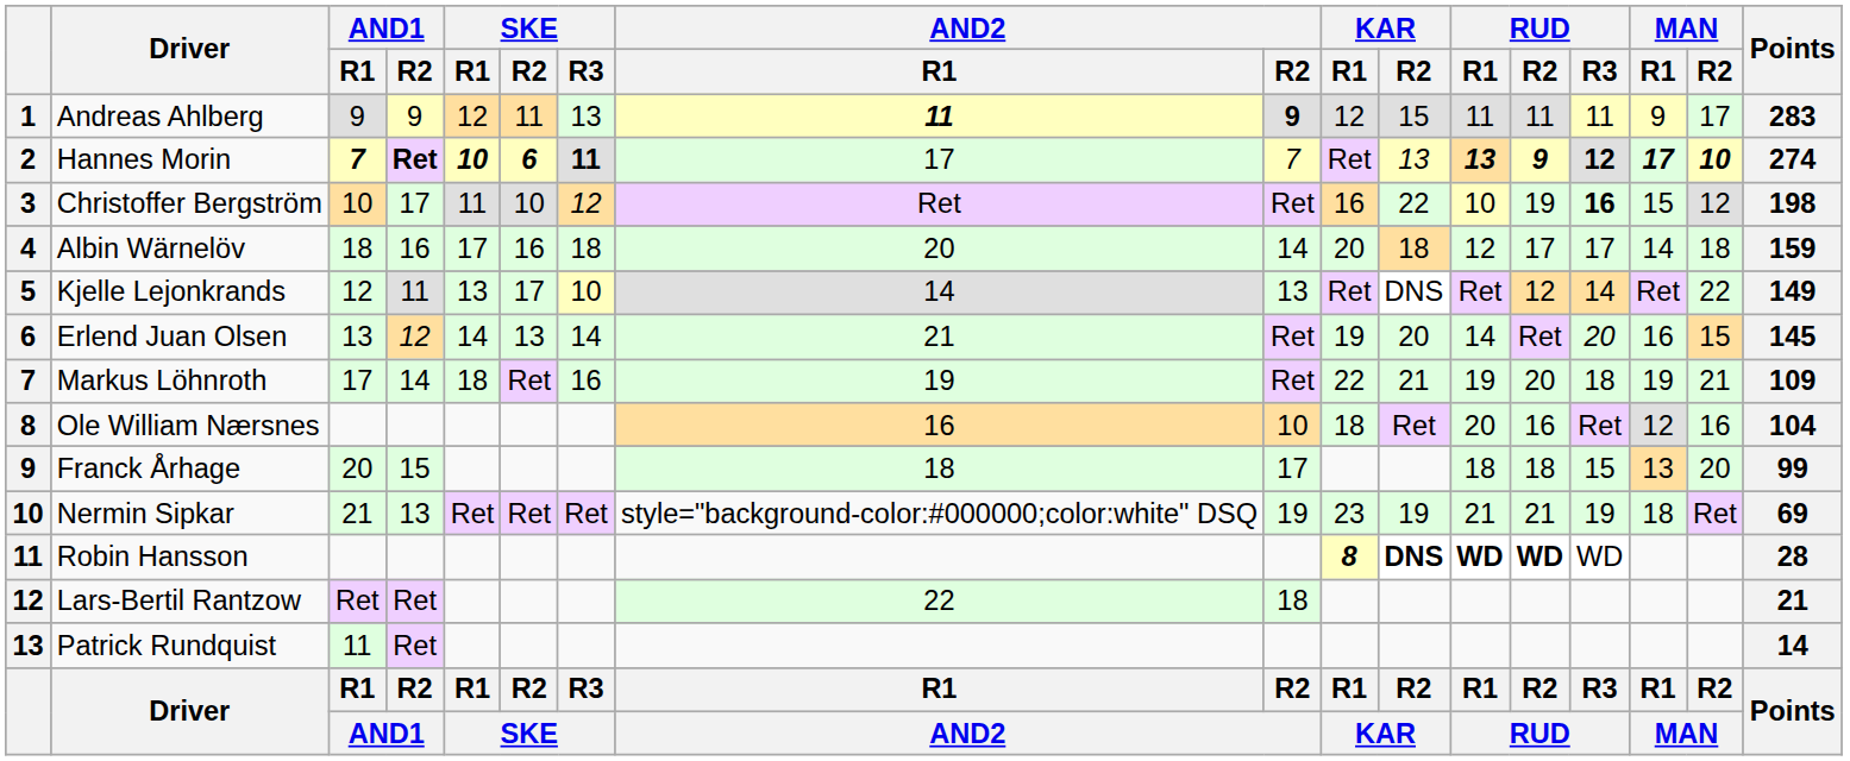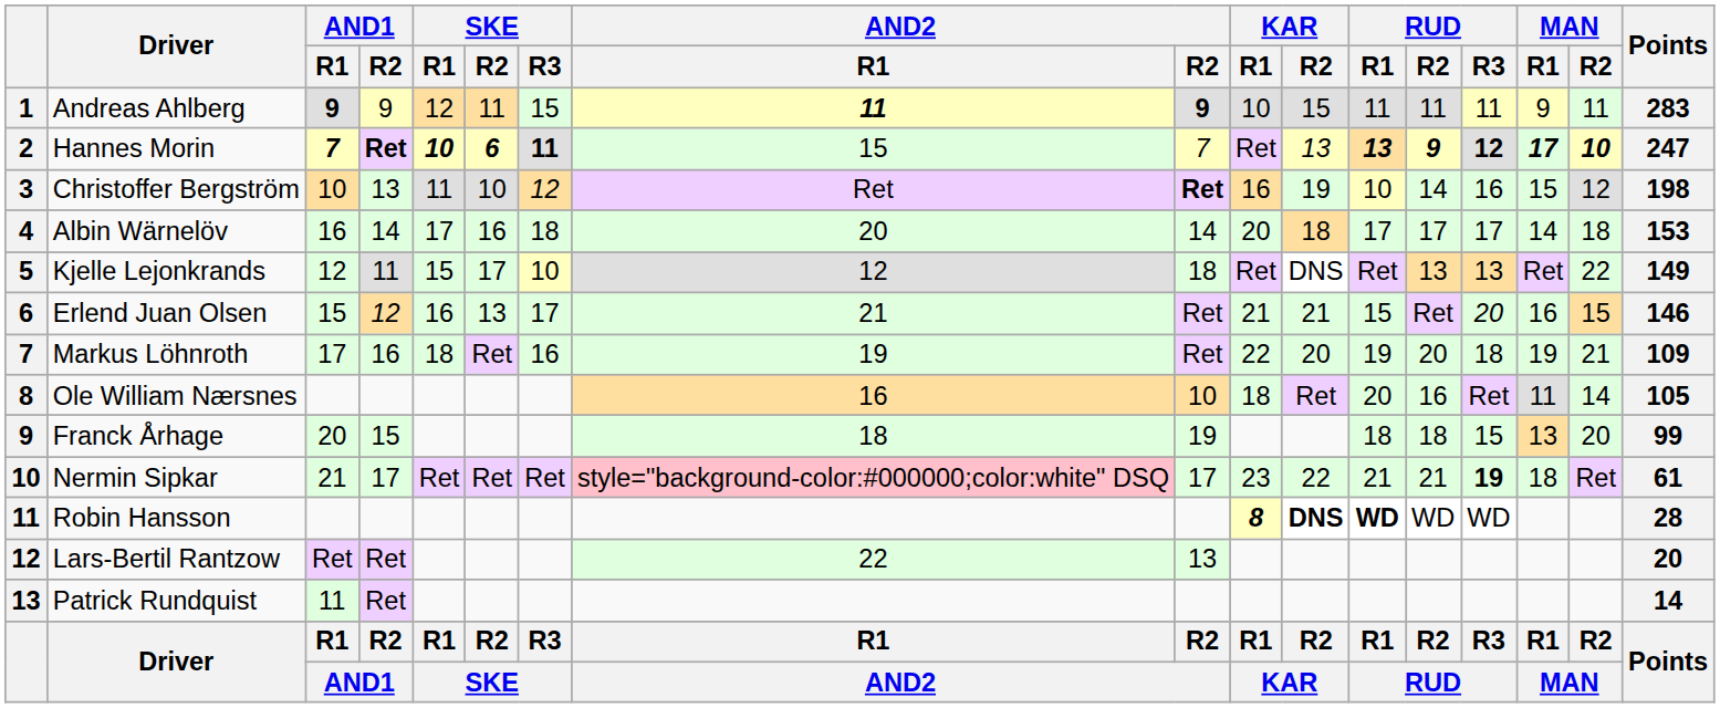 <table class="wikitable" style="font-size: 85%; text-align:center;">
 <tr>
 <th rowspan="2"></th>
 <th rowspan="2">Driver</th>
 <th colspan="2"><a href='#'>AND1</a><br></th>
 <th colspan="3"><a href='#'>SKE</a><br></th>
 <th colspan="2"><a href='#'>AND2</a><br></th>
 <th colspan="2"><a href='#'>KAR</a><br></th>
 <th colspan="3"><a href='#'>RUD</a><br></th>
 <th colspan="2"><a href='#'>MAN</a><br></th>
 <th rowspan="2">Points</th>
 </tr>
 <tr>
 <th>R1</th>
 <th>R2</th>
 <th>R1</th>
 <th>R2</th>
 <th>R3</th>
 <th>R1</th>
 <th>R2</th>
 <th>R1</th>
 <th>R2</th>
 <th>R1</th>
 <th>R2</th>
 <th>R3</th>
 <th>R1</th>
 <th>R2</th>
 </tr>
 <tr>
 <th>1</th>
 <td align="left"> Andreas Ahlberg</td>
-<td style="background:#dfdfdf;">9</td>
+<td style="background:#dfdfdf;"><strong>9</strong></td>
 <td style="background:#ffffbf;">9</td>
 <td style="background:#ffdf9f;">12</td>
 <td style="background:#ffdf9f;">11</td>
-<td style="background:#dfffdf;">13</td>
+<td style="background:#dfffdf;">15</td>
 <td style="background:#ffffbf;"><strong><em>11</em></strong></td>
 <td style="background:#dfdfdf;"><strong>9</strong></td>
-<td style="background:#dfdfdf;">12</td>
+<td style="background:#dfdfdf;">10</td>
 <td style="background:#dfdfdf;">15</td>
 <td style="background:#dfdfdf;">11</td>
 <td style="background:#dfdfdf;">11</td>
 <td style="background:#ffffbf;">11</td>
 <td style="background:#ffffbf;">9</td>
-<td style="background:#dfffdf;">17</td>
+<td style="background:#dfffdf;">11</td>
 <th>283</th>
 </tr>
 <tr>
 <th>2</th>
 <td align="left"> Hannes Morin</td>
 <td style="background:#ffffbf;"><strong><em>7</em></strong></td>
 <td style="background:#efcfff;"><strong>Ret</strong></td>
 <td style="background:#ffffbf;"><strong><em>10</em></strong></td>
 <td style="background:#ffffbf;"><strong><em>6</em></strong></td>
 <td style="background:#dfdfdf;"><strong>11</strong></td>
-<td style="background:#dfffdf;">17</td>
+<td style="background:#dfffdf;">15</td>
 <td style="background:#ffffbf;"><em>7</em></td>
 <td style="background:#efcfff;">Ret</td>
 <td style="background:#ffffbf;"><em>13</em></td>
 <td style="background:#ffdf9f;"><strong><em>13</em></strong></td>
 <td style="background:#ffffbf;"><strong><em>9</em></strong></td>
 <td style="background:#dfdfdf;"><strong>12</strong></td>
 <td style="background:#dfffdf;"><strong><em>17</em></strong></td>
 <td style="background:#ffffbf;"><strong><em>10</em></strong></td>
-<th>274</th>
+<th>247</th>
 </tr>
 <tr>
 <th>3</th>
 <td align="left"> Christoffer Bergström</td>
 <td style="background:#ffdf9f;">10</td>
-<td style="background:#dfffdf;">17</td>
+<td style="background:#dfffdf;">13</td>
 <td style="background:#dfdfdf;">11</td>
 <td style="background:#dfdfdf;">10</td>
 <td style="background:#ffdf9f;"><em>12</em></td>
 <td style="background:#efcfff;">Ret</td>
-<td style="background:#efcfff;">Ret</td>
+<td style="background:#efcfff;"><strong>Ret</strong></td>
 <td style="background:#ffdf9f;">16</td>
-<td style="background:#dfffdf;">22</td>
+<td style="background:#dfffdf;">19</td>
 <td style="background:#ffffbf;">10</td>
-<td style="background:#dfffdf;">19</td>
-<td style="background:#dfffdf;"><strong>16</strong></td>
+<td style="background:#dfffdf;">14</td>
+<td style="background:#dfffdf;">16</td>
 <td style="background:#dfffdf;">15</td>
 <td style="background:#dfdfdf;">12</td>
 <th>198</th>
 </tr>
 <tr>
 <th>4</th>
 <td align="left"> Albin Wärnelöv</td>
-<td style="background:#dfffdf;">18</td>
 <td style="background:#dfffdf;">16</td>
+<td style="background:#dfffdf;">14</td>
 <td style="background:#dfffdf;">17</td>
 <td style="background:#dfffdf;">16</td>
 <td style="background:#dfffdf;">18</td>
 <td style="background:#dfffdf;">20</td>
 <td style="background:#dfffdf;">14</td>
 <td style="background:#dfffdf;">20</td>
 <td style="background:#ffdf9f;">18</td>
-<td style="background:#dfffdf;">12</td>
+<td style="background:#dfffdf;">17</td>
 <td style="background:#dfffdf;">17</td>
 <td style="background:#dfffdf;">17</td>
 <td style="background:#dfffdf;">14</td>
 <td style="background:#dfffdf;">18</td>
-<th>159</th>
+<th>153</th>
 </tr>
 <tr>
 <th>5</th>
 <td align="left"> Kjelle Lejonkrands</td>
 <td style="background:#dfffdf;">12</td>
 <td style="background:#dfdfdf;">11</td>
-<td style="background:#dfffdf;">13</td>
+<td style="background:#dfffdf;">15</td>
 <td style="background:#dfffdf;">17</td>
 <td style="background:#ffffbf;">10</td>
-<td style="background:#dfdfdf;">14</td>
-<td style="background:#dfffdf;">13</td>
+<td style="background:#dfdfdf;">12</td>
+<td style="background:#dfffdf;">18</td>
 <td style="background:#efcfff;">Ret</td>
 <td style="background:#ffffff;">DNS</td>
 <td style="background:#efcfff;">Ret</td>
-<td style="background:#ffdf9f;">12</td>
-<td style="background:#ffdf9f;">14</td>
+<td style="background:#ffdf9f;">13</td>
+<td style="background:#ffdf9f;">13</td>
 <td style="background:#efcfff;">Ret</td>
 <td style="background:#dfffdf;">22</td>
 <th>149</th>
 </tr>
 <tr>
 <th>6</th>
 <td align="left"> Erlend Juan Olsen</td>
+<td style="background:#dfffdf;">15</td>
+<td style="background:#ffdf9f;"><em>12</em></td>
+<td style="background:#dfffdf;">16</td>
 <td style="background:#dfffdf;">13</td>
-<td style="background:#ffdf9f;"><em>12</em></td>
-<td style="background:#dfffdf;">14</td>
-<td style="background:#dfffdf;">13</td>
-<td style="background:#dfffdf;">14</td>
+<td style="background:#dfffdf;">17</td>
 <td style="background:#dfffdf;">21</td>
 <td style="background:#efcfff;">Ret</td>
-<td style="background:#dfffdf;">19</td>
-<td style="background:#dfffdf;">20</td>
-<td style="background:#dfffdf;">14</td>
+<td style="background:#dfffdf;">21</td>
+<td style="background:#dfffdf;">21</td>
+<td style="background:#dfffdf;">15</td>
 <td style="background:#efcfff;">Ret</td>
 <td style="background:#dfffdf;"><em>20</em></td>
 <td style="background:#dfffdf;">16</td>
 <td style="background:#ffdf9f;">15</td>
-<th>145</th>
+<th>146</th>
 </tr>
 <tr>
 <th>7</th>
 <td align="left"> Markus Löhnroth</td>
 <td style="background:#dfffdf;">17</td>
-<td style="background:#dfffdf;">14</td>
+<td style="background:#dfffdf;">16</td>
 <td style="background:#dfffdf;">18</td>
 <td style="background:#efcfff;">Ret</td>
 <td style="background:#dfffdf;">16</td>
 <td style="background:#dfffdf;">19</td>
 <td style="background:#efcfff;">Ret</td>
 <td style="background:#dfffdf;">22</td>
-<td style="background:#dfffdf;">21</td>
+<td style="background:#dfffdf;">20</td>
 <td style="background:#dfffdf;">19</td>
 <td style="background:#dfffdf;">20</td>
 <td style="background:#dfffdf;">18</td>
 <td style="background:#dfffdf;">19</td>
 <td style="background:#dfffdf;">21</td>
 <th>109</th>
 </tr>
 <tr>
 <th>8</th>
 <td align="left"> Ole William Nærsnes</td>
 <td></td>
 <td></td>
 <td></td>
 <td></td>
 <td></td>
 <td style="background:#ffdf9f;">16</td>
 <td style="background:#ffdf9f;">10</td>
 <td style="background:#dfffdf;">18</td>
 <td style="background:#efcfff;">Ret</td>
 <td style="background:#dfffdf;">20</td>
 <td style="background:#dfffdf;">16</td>
 <td style="background:#efcfff;">Ret</td>
-<td style="background:#dfdfdf;">12</td>
-<td style="background:#dfffdf;">16</td>
-<th>104</th>
+<td style="background:#dfdfdf;">11</td>
+<td style="background:#dfffdf;">14</td>
+<th>105</th>
 </tr>
 <tr>
 <th>9</th>
 <td align="left"> Franck Århage</td>
 <td style="background:#dfffdf;">20</td>
 <td style="background:#dfffdf;">15</td>
 <td></td>
 <td></td>
 <td></td>
 <td style="background:#dfffdf;">18</td>
-<td style="background:#dfffdf;">17</td>
+<td style="background:#dfffdf;">19</td>
 <td></td>
 <td></td>
 <td style="background:#dfffdf;">18</td>
 <td style="background:#dfffdf;">18</td>
 <td style="background:#dfffdf;">15</td>
 <td style="background:#ffdf9f;">13</td>
 <td style="background:#dfffdf;">20</td>
 <th>99</th>
 </tr>
 <tr>
 <th>10</th>
 <td align="left"> Nermin Sipkar</td>
 <td style="background:#dfffdf;">21</td>
-<td style="background:#dfffdf;">13</td>
+<td style="background:#dfffdf;">17</td>
 <td style="background:#efcfff;">Ret</td>
 <td style="background:#efcfff;">Ret</td>
 <td style="background:#efcfff;">Ret</td>
-<td>style="background-color:#000000;color:white" DSQ</td>
-<td style="background:#dfffdf;">19</td>
+<td style="background: pink;">style="background-color:#000000;color:white" DSQ</td>
+<td style="background:#dfffdf;">17</td>
 <td style="background:#dfffdf;">23</td>
-<td style="background:#dfffdf;">19</td>
+<td style="background:#dfffdf;">22</td>
 <td style="background:#dfffdf;">21</td>
 <td style="background:#dfffdf;">21</td>
-<td style="background:#dfffdf;">19</td>
+<td style="background:#dfffdf;"><strong>19</strong></td>
 <td style="background:#dfffdf;">18</td>
 <td style="background:#efcfff;">Ret</td>
-<th>69</th>
+<th>61</th>
 </tr>
 <tr>
 <th>11</th>
 <td align="left"> Robin Hansson</td>
 <td></td>
 <td></td>
 <td></td>
 <td></td>
 <td></td>
 <td></td>
 <td></td>
 <td style="background:#ffffbf;"><strong><em>8</em></strong></td>
 <td style="background:#ffffff;"><strong>DNS</strong></td>
 <td style="background:#ffffff;"><strong>WD</strong></td>
-<td style="background:#ffffff;"><strong>WD</strong></td>
+<td style="background:#ffffff;">WD</td>
 <td style="background:#ffffff;">WD</td>
 <td></td>
 <td></td>
 <th>28</th>
 </tr>
 <tr>
 <th>12</th>
 <td align="left"> Lars-Bertil Rantzow</td>
 <td style="background:#efcfff;">Ret</td>
 <td style="background:#efcfff;">Ret</td>
 <td></td>
 <td></td>
 <td></td>
 <td style="background:#dfffdf;">22</td>
-<td style="background:#dfffdf;">18</td>
+<td style="background:#dfffdf;">13</td>
 <td></td>
 <td></td>
 <td></td>
 <td></td>
 <td></td>
 <td></td>
 <td></td>
-<th>21</th>
+<th>20</th>
 </tr>
 <tr>
 <th>13</th>
 <td align="left"> Patrick Rundquist</td>
 <td style="background:#dfffdf;">11</td>
 <td style="background:#efcfff;">Ret</td>
 <td></td>
 <td></td>
 <td></td>
 <td></td>
 <td></td>
 <td></td>
 <td></td>
 <td></td>
 <td></td>
 <td></td>
 <td></td>
 <td></td>
 <th>14</th>
 </tr>
 <tr>
 <th rowspan="2"></th>
 <th rowspan="2">Driver</th>
 <th>R1</th>
 <th>R2</th>
 <th>R1</th>
 <th>R2</th>
 <th>R3</th>
 <th>R1</th>
 <th>R2</th>
 <th>R1</th>
 <th>R2</th>
 <th>R1</th>
 <th>R2</th>
 <th>R3</th>
 <th>R1</th>
 <th>R2</th>
 <th rowspan="2">Points</th>
 </tr>
 <tr>
 <th colspan="2"><a href='#'>AND1</a><br></th>
 <th colspan="3"><a href='#'>SKE</a><br></th>
 <th colspan="2"><a href='#'>AND2</a><br></th>
 <th colspan="2"><a href='#'>KAR</a><br></th>
 <th colspan="3"><a href='#'>RUD</a><br></th>
 <th colspan="2"><a href='#'>MAN</a><br></th>
 </tr>
 </table>
